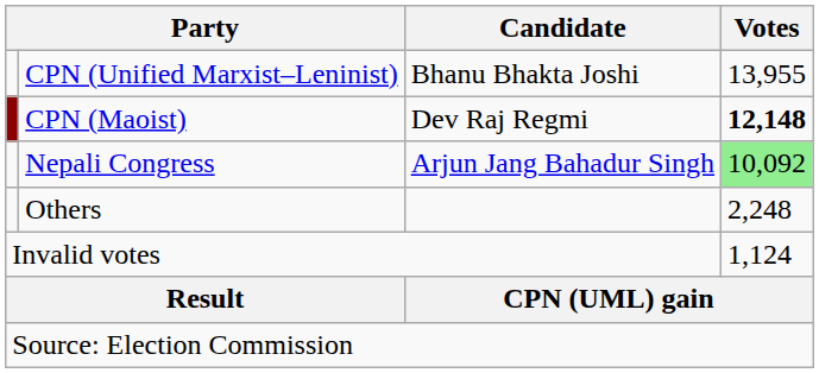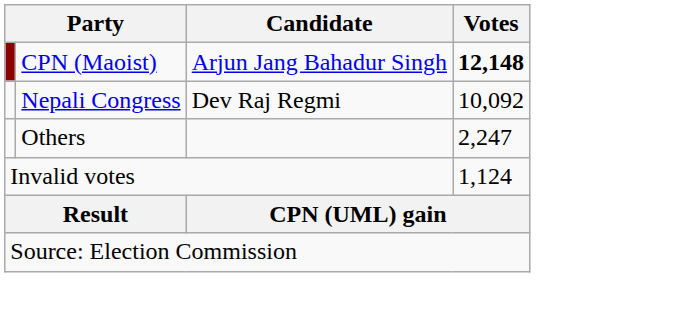 <table class="wikitable">
 <tr>
 <th colspan="2">Party</th>
 <th>Candidate</th>
 <th>Votes</th>
 </tr>
 <tr>
-<td style="background-color:"></td>
-<td><a href='#'>CPN (Unified Marxist–Leninist)</a></td>
-<td>Bhanu Bhakta Joshi</td>
-<td>13,955</td>
-</tr>
-<tr>
 <td style="background-color:darkred"></td>
 <td><a href='#'>CPN (Maoist)</a></td>
-<td>Dev Raj Regmi</td>
+<td><a href='#'>Arjun Jang Bahadur Singh</a></td>
 <td><strong>12,148</strong></td>
 </tr>
 <tr>
 <td style="background-color:"></td>
 <td><a href='#'>Nepali Congress</a></td>
-<td><a href='#'>Arjun Jang Bahadur Singh</a></td>
-<td style="background: lightgreen;">10,092</td>
+<td>Dev Raj Regmi</td>
+<td>10,092</td>
 </tr>
 <tr>
 <td></td>
 <td>Others</td>
 <td></td>
-<td>2,248</td>
+<td>2,247</td>
 </tr>
 <tr>
 <td colspan="3">Invalid votes</td>
 <td>1,124</td>
 </tr>
 <tr>
 <th colspan="2">Result</th>
 <th colspan="2">CPN (UML) gain</th>
 </tr>
 <tr>
 <td colspan="4">Source: Election Commission</td>
 </tr>
 </table>
